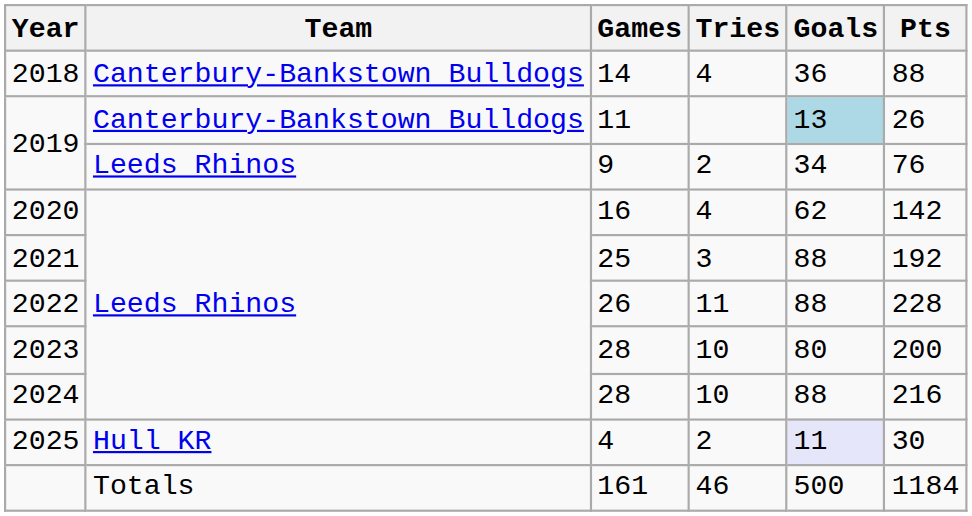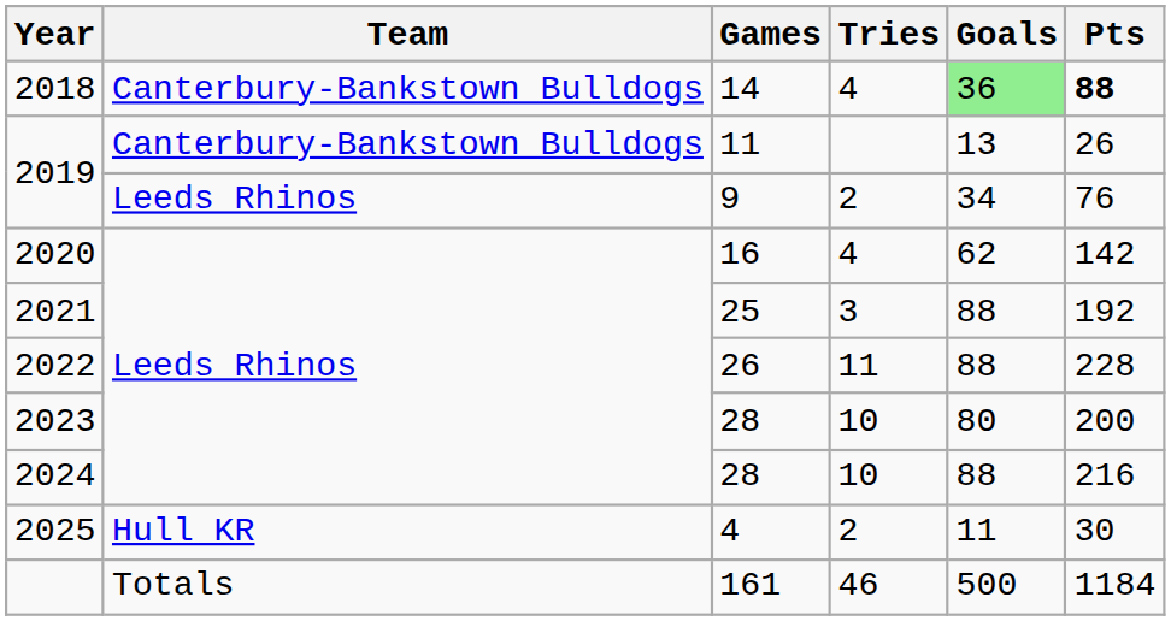 <table class="wikitable">
 <tr>
 <th>Year</th>
 <th>Team</th>
 <th>Games</th>
 <th>Tries</th>
 <th>Goals</th>
 <th>Pts</th>
 </tr>
 <tr>
 <td>2018</td>
 <td> <a href='#'>Canterbury-Bankstown Bulldogs</a></td>
 <td>14</td>
 <td>4</td>
-<td>36</td>
-<td>88</td>
+<td style="background: lightgreen;">36</td>
+<td><strong>88</strong></td>
 </tr>
 <tr>
 <td rowspan="2">2019</td>
 <td> <a href='#'>Canterbury-Bankstown Bulldogs</a></td>
 <td>11</td>
 <td></td>
-<td style="background: lightblue;">13</td>
+<td>13</td>
 <td>26</td>
 </tr>
 <tr>
 <td> <a href='#'>Leeds Rhinos</a></td>
 <td>9</td>
 <td>2</td>
 <td>34</td>
 <td>76</td>
 </tr>
 <tr>
 <td>2020</td>
 <td rowspan="5"> <a href='#'>Leeds Rhinos</a></td>
 <td>16</td>
 <td>4</td>
 <td>62</td>
 <td>142</td>
 </tr>
 <tr>
 <td>2021</td>
 <td>25</td>
 <td>3</td>
 <td>88</td>
 <td>192</td>
 </tr>
 <tr>
 <td>2022</td>
 <td>26</td>
 <td>11</td>
 <td>88</td>
 <td>228</td>
 </tr>
 <tr>
 <td>2023</td>
 <td>28</td>
 <td>10</td>
 <td>80</td>
 <td>200</td>
 </tr>
 <tr>
 <td>2024</td>
 <td>28</td>
 <td>10</td>
 <td>88</td>
 <td>216</td>
 </tr>
 <tr>
 <td>2025</td>
 <td> <a href='#'>Hull KR</a></td>
 <td>4</td>
 <td>2</td>
-<td style="background: lavender;">11</td>
+<td>11</td>
 <td>30</td>
 </tr>
 <tr>
 <td></td>
 <td>Totals</td>
 <td>161</td>
 <td>46</td>
 <td>500</td>
 <td>1184</td>
 </tr>
 </table>
